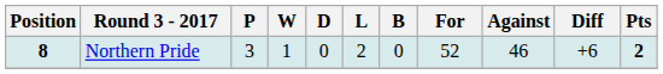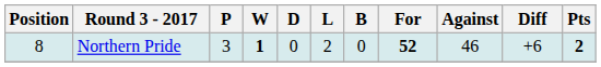 <table class="wikitable" style="text-align:center; font-size:85%;">
 <tr>
 <th width=40 abbr="Position">Position</th>
 <th width=100>Round 3 - 2017</th>
 <th width=20 abbr="Played">P</th>
 <th width=20 abbr="Won">W</th>
 <th width=20 abbr="Drawn">D</th>
 <th width=20 abbr="Lost">L</th>
 <th width=20 abbr="Bye">B</th>
 <th width=40 abbr="Points for">For</th>
 <th width=40 abbr="Points against">Against</th>
 <th width=40 abbr="Points difference">Diff</th>
 <th width=20 abbr="Points">Pts</th>
 </tr>
 <tr style="background: #d7ebed;">
-<td><strong>8</strong></td>
+<td>8</td>
 <td style="text-align:left;"> <a href='#'>Northern Pride</a></td>
 <td>3</td>
-<td>1</td>
+<td><strong>1</strong></td>
 <td>0</td>
 <td>2</td>
 <td>0</td>
-<td>52</td>
+<td><strong>52</strong></td>
 <td>46</td>
 <td>+6</td>
 <td><strong>2</strong></td>
 </tr>
 <tr>
 </tr>
 </table>
